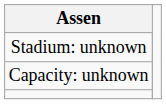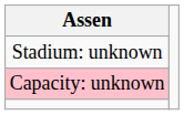 <table class="wikitable" style="text-align:center">
 <tr>
 <th colspan="2">Assen</th>
 <td rowspan=4></td>
 </tr>
 <tr>
 <td>Stadium: unknown</td>
 </tr>
 <tr>
-<td>Capacity: unknown</td>
+<td style="background: pink;">Capacity: unknown</td>
 </tr>
 <tr>
 <td></td>
 </tr>
 </table>
